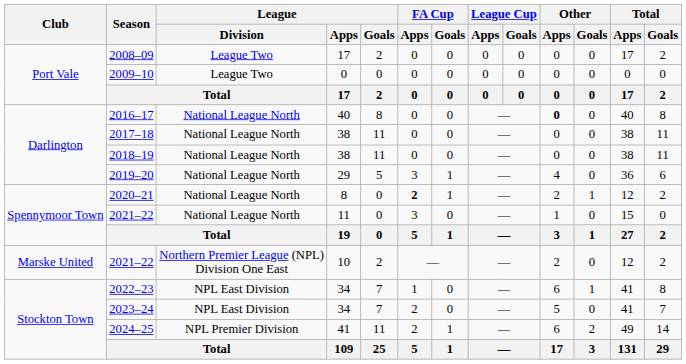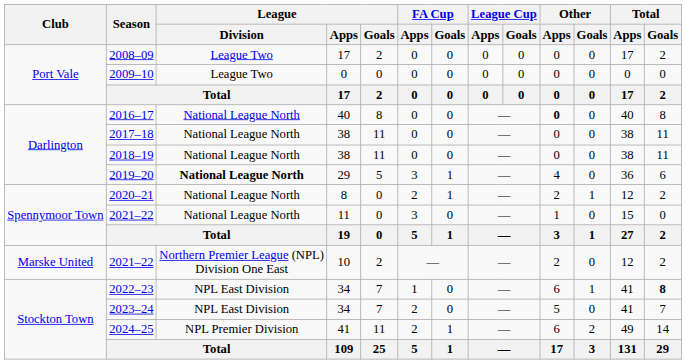 <table class="wikitable" style=text-align:center>
 <tr>
 <th rowspan=2>Club</th>
 <th rowspan=2>Season</th>
 <th colspan=3>League</th>
 <th colspan=2><a href='#'>FA Cup</a></th>
 <th colspan=2><a href='#'>League Cup</a></th>
 <th colspan=2>Other</th>
 <th colspan=2>Total</th>
 </tr>
 <tr>
 <th>Division</th>
 <th>Apps</th>
 <th>Goals</th>
 <th>Apps</th>
 <th>Goals</th>
 <th>Apps</th>
 <th>Goals</th>
 <th>Apps</th>
 <th>Goals</th>
 <th>Apps</th>
 <th>Goals</th>
 </tr>
 <tr>
 <td rowspan=3><a href='#'>Port Vale</a></td>
 <td><a href='#'>2008–09</a></td>
 <td><a href='#'>League Two</a></td>
 <td>17</td>
 <td>2</td>
 <td>0</td>
 <td>0</td>
 <td>0</td>
 <td>0</td>
 <td>0</td>
 <td>0</td>
 <td>17</td>
 <td>2</td>
 </tr>
 <tr>
 <td><a href='#'>2009–10</a></td>
 <td>League Two</td>
 <td>0</td>
 <td>0</td>
 <td>0</td>
 <td>0</td>
 <td>0</td>
 <td>0</td>
 <td>0</td>
 <td>0</td>
 <td>0</td>
 <td>0</td>
 </tr>
 <tr>
 <th colspan=2>Total</th>
 <th>17</th>
 <th>2</th>
 <th>0</th>
 <th>0</th>
 <th>0</th>
 <th>0</th>
 <th>0</th>
 <th>0</th>
 <th>17</th>
 <th>2</th>
 </tr>
 <tr>
 <td rowspan=4><a href='#'>Darlington</a></td>
 <td><a href='#'>2016–17</a></td>
 <td><a href='#'>National League North</a></td>
 <td>40</td>
 <td>8</td>
 <td>0</td>
 <td>0</td>
 <td colspan=2>—</td>
 <td><strong>0</strong></td>
 <td>0</td>
 <td>40</td>
 <td>8</td>
 </tr>
 <tr>
 <td><a href='#'>2017–18</a></td>
 <td>National League North</td>
 <td>38</td>
 <td>11</td>
 <td>0</td>
 <td>0</td>
 <td colspan=2>—</td>
 <td>0</td>
 <td>0</td>
 <td>38</td>
 <td>11</td>
 </tr>
 <tr>
 <td><a href='#'>2018–19</a></td>
 <td>National League North</td>
 <td>38</td>
 <td>11</td>
 <td>0</td>
 <td>0</td>
 <td colspan=2>—</td>
 <td>0</td>
 <td>0</td>
 <td>38</td>
 <td>11</td>
 </tr>
 <tr>
 <td><a href='#'>2019–20</a></td>
-<td>National League North</td>
+<td><strong>National League North</strong></td>
 <td>29</td>
 <td>5</td>
 <td>3</td>
 <td>1</td>
 <td colspan=2>—</td>
 <td>4</td>
 <td>0</td>
 <td>36</td>
 <td>6</td>
 </tr>
 <tr>
 <td rowspan=3><a href='#'>Spennymoor Town</a></td>
 <td><a href='#'>2020–21</a></td>
 <td>National League North</td>
 <td>8</td>
 <td>0</td>
-<td><strong>2</strong></td>
+<td>2</td>
 <td>1</td>
 <td colspan=2>—</td>
 <td>2</td>
 <td>1</td>
 <td>12</td>
 <td>2</td>
 </tr>
 <tr>
 <td><a href='#'>2021–22</a></td>
 <td>National League North</td>
 <td>11</td>
 <td>0</td>
 <td>3</td>
 <td>0</td>
 <td colspan=2>—</td>
 <td>1</td>
 <td>0</td>
 <td>15</td>
 <td>0</td>
 </tr>
 <tr>
 <th colspan=2>Total</th>
 <th>19</th>
 <th>0</th>
 <th>5</th>
 <th>1</th>
 <th colspan=2>—</th>
 <th>3</th>
 <th>1</th>
 <th>27</th>
 <th>2</th>
 </tr>
 <tr>
 <td><a href='#'>Marske United</a></td>
 <td><a href='#'>2021–22</a></td>
 <td><a href='#'>Northern Premier League</a> (NPL)<br>Division One East</td>
 <td>10</td>
 <td>2</td>
 <td colspan=2>—</td>
 <td colspan=2>—</td>
 <td>2</td>
 <td>0</td>
 <td>12</td>
 <td>2</td>
 </tr>
 <tr>
 <td rowspan=4><a href='#'>Stockton Town</a></td>
 <td><a href='#'>2022–23</a></td>
 <td>NPL East Division</td>
 <td>34</td>
 <td>7</td>
 <td>1</td>
 <td>0</td>
 <td colspan="2">—</td>
 <td>6</td>
 <td>1</td>
 <td>41</td>
-<td>8</td>
+<td><strong>8</strong></td>
 </tr>
 <tr>
 <td><a href='#'>2023–24</a></td>
 <td>NPL East Division</td>
 <td>34</td>
 <td>7</td>
 <td>2</td>
 <td>0</td>
 <td colspan="2">—</td>
 <td>5</td>
 <td>0</td>
 <td>41</td>
 <td>7</td>
 </tr>
 <tr>
 <td><a href='#'>2024–25</a></td>
 <td>NPL Premier Division</td>
 <td>41</td>
 <td>11</td>
 <td>2</td>
 <td>1</td>
 <td colspan="2">—</td>
 <td>6</td>
 <td>2</td>
 <td>49</td>
 <td>14</td>
 </tr>
 <tr>
 <th colspan=2>Total</th>
 <th>109</th>
 <th>25</th>
 <th>5</th>
 <th>1</th>
 <th colspan=2>—</th>
 <th>17</th>
 <th>3</th>
 <th>131</th>
 <th>29</th>
 </tr>
 </table>
